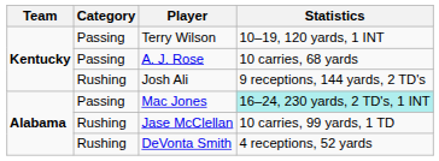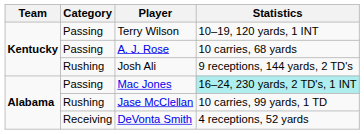 <table class="wikitable" style="float: right;">
 <tr>
 <th>Team</th>
 <th>Category</th>
 <th>Player</th>
 <th>Statistics</th>
 </tr>
 <tr>
 <td rowspan=3><strong>Kentucky</strong></td>
 <td>Passing</td>
 <td>Terry Wilson</td>
 <td>10–19, 120 yards, 1 INT</td>
 </tr>
 <tr>
 <td>Passing</td>
 <td><a href='#'>A. J. Rose</a></td>
 <td>10 carries, 68 yards</td>
 </tr>
 <tr>
 <td>Rushing</td>
 <td>Josh Ali</td>
 <td>9 receptions, 144 yards, 2 TD's</td>
 </tr>
 <tr>
 <td rowspan=3><strong>Alabama</strong></td>
 <td>Passing</td>
 <td><a href='#'>Mac Jones</a></td>
 <td style="background: paleturquoise;">16–24, 230 yards, 2 TD's, 1 INT</td>
 </tr>
 <tr>
 <td>Rushing</td>
 <td><a href='#'>Jase McClellan</a></td>
 <td>10 carries, 99 yards, 1 TD</td>
 </tr>
 <tr>
-<td>Rushing</td>
+<td>Receiving</td>
 <td><a href='#'>DeVonta Smith</a></td>
 <td>4 receptions, 52 yards</td>
 </tr>
 </table>
